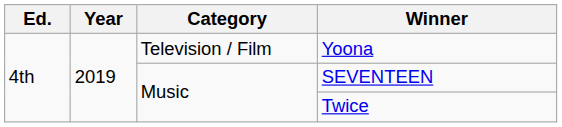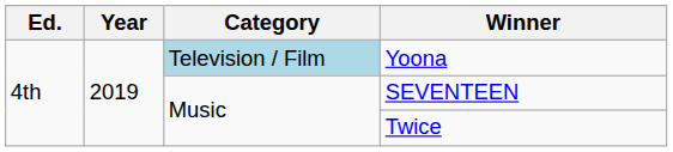 <table class="wikitable">
 <tr align=center>
 <th style="width:50px">Ed.</th>
 <th style="width:50px">Year</th>
 <th style="width:150px">Category</th>
 <th style="width:200px">Winner</th>
 </tr>
 <tr>
 <td rowspan="3">4th</td>
 <td rowspan="3">2019</td>
-<td>Television / Film</td>
+<td style="background: lightblue;">Television / Film</td>
 <td><a href='#'>Yoona</a></td>
 </tr>
 <tr>
 <td rowspan="2">Music</td>
 <td><a href='#'>SEVENTEEN</a></td>
 </tr>
 <tr>
 <td><a href='#'>Twice</a></td>
 </tr>
 </table>
